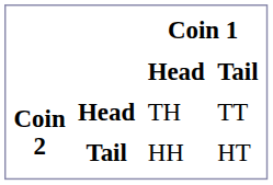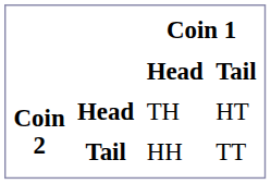 <table width="150" cellpadding="3" style="background: #ffffff; margin-bottom: 3px; border: 1px solid #8888aa">
 <tr>
 </tr>
 <tr>
 <td rowspan="2" colspan="2"> </td>
 <th colspan="2">Coin 1</th>
 </tr>
 <tr>
 <th>Head</th>
 <th>Tail</th>
 </tr>
 <tr>
 <th rowspan="2">Coin 2</th>
 <th>Head</th>
 <td>TH</td>
-<td>TT</td>
+<td>HT</td>
 </tr>
 <tr>
 <th>Tail</th>
 <td>HH</td>
-<td>HT</td>
+<td>TT</td>
 </tr>
 <tr>
 </tr>
 </table>
